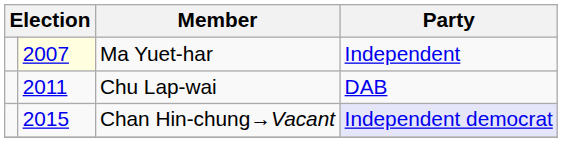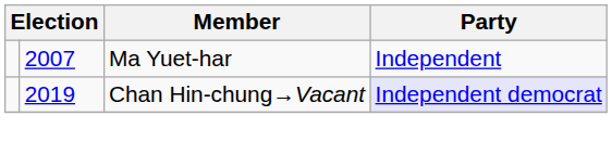 <table class="wikitable">
 <tr>
 <th colspan="2">Election</th>
 <th>Member</th>
 <th>Party</th>
 </tr>
 <tr>
 <td style="background-color: "></td>
-<td style="background: lightyellow;"><a href='#'>2007</a></td>
+<td><a href='#'>2007</a></td>
 <td>Ma Yuet-har</td>
 <td><a href='#'>Independent</a></td>
 </tr>
 <tr>
 <td style="background-color: "></td>
-<td><a href='#'>2011</a></td>
-<td>Chu Lap-wai</td>
-<td><a href='#'>DAB</a></td>
-</tr>
-<tr>
-<td style="background-color: "></td>
-<td><a href='#'>2015</a></td>
+<td><a href='#'>2019</a></td>
 <td>Chan Hin-chung→<em>Vacant</em></td>
 <td style="background: lavender;"><a href='#'>Independent democrat</a></td>
 </tr>
 <tr>
 </tr>
 </table>
